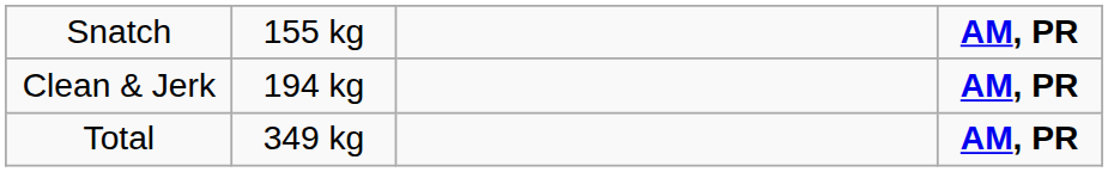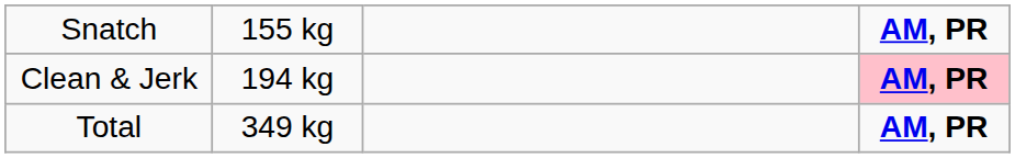 <table class = "wikitable" style="text-align:center;">
 <tr>
 <td width=100>Snatch</td>
 <td width=70>155 kg</td>
 <td width=250></td>
 <td width=70><strong><a href='#'>AM</a>, PR</strong></td>
 </tr>
 <tr>
 <td>Clean & Jerk</td>
 <td>194 kg</td>
 <td></td>
-<td><strong><a href='#'>AM</a>, PR</strong></td>
+<td style="background: pink;"><strong><a href='#'>AM</a>, PR</strong></td>
 </tr>
 <tr>
 <td>Total</td>
 <td>349 kg</td>
 <td></td>
 <td><strong><a href='#'>AM</a>, PR</strong></td>
 </tr>
 </table>
